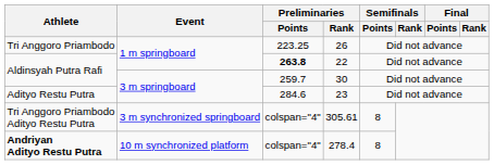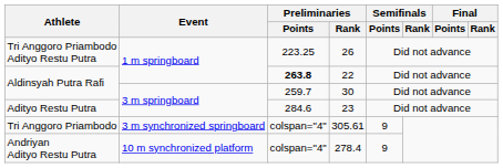 <table class=wikitable style=font-size:90%;text-align:center>
 <tr>
 <th rowspan=2>Athlete</th>
 <th rowspan=2>Event</th>
 <th colspan=2>Preliminaries</th>
 <th colspan=2>Semifinals</th>
 <th colspan=2>Final</th>
 </tr>
 <tr style=font-size:95%>
 <th>Points</th>
 <th>Rank</th>
 <th>Points</th>
 <th>Rank</th>
 <th>Points</th>
 <th>Rank</th>
 </tr>
 <tr>
-<td align="left">Tri Anggoro Priambodo</td>
+<td align="left">Tri Anggoro Priambodo<br>Adityo Restu Putra</td>
 <td align="left" rowspan="2"><a href='#'>1 m springboard</a></td>
 <td>223.25</td>
 <td>26</td>
 <td colspan="4">Did not advance</td>
 </tr>
 <tr>
 <td align="left" rowspan="2">Aldinsyah Putra Rafi</td>
 <td><strong>263.8</strong></td>
 <td>22</td>
 <td colspan="4">Did not advance</td>
 </tr>
 <tr>
 <td align="left" rowspan="2"><a href='#'>3 m springboard</a></td>
 <td>259.7</td>
 <td>30</td>
 <td colspan="4">Did not advance</td>
 </tr>
 <tr>
 <td align="left">Adityo Restu Putra</td>
 <td>284.6</td>
 <td>23</td>
 <td colspan="4">Did not advance</td>
 </tr>
 <tr>
-<td align="left">Tri Anggoro Priambodo<br>Adityo Restu Putra</td>
+<td align="left">Tri Anggoro Priambodo</td>
 <td align="left"><a href='#'>3 m synchronized springboard</a></td>
 <td>colspan="4" </td>
 <td>305.61</td>
-<td>8</td>
+<td>9</td>
 </tr>
 <tr>
-<td align="left"><strong>Andriyan<br>Adityo Restu Putra</strong></td>
+<td align="left">Andriyan<br>Adityo Restu Putra</td>
 <td align="left"><a href='#'>10 m synchronized platform</a></td>
 <td>colspan="4" </td>
 <td>278.4</td>
-<td>8</td>
+<td>9</td>
 </tr>
 </table>
